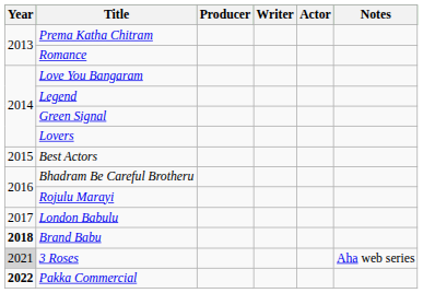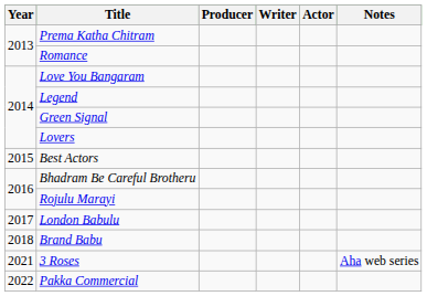 <table class="wikitable sortable">
 <tr style="background:green; text-align:center;">
 <th>Year</th>
 <th>Title</th>
 <th>Producer</th>
 <th>Writer</th>
 <th>Actor</th>
 <th class="unsortable">Notes</th>
 </tr>
 <tr>
 <td rowspan="2">2013</td>
 <td><em><a href='#'>Prema Katha Chitram</a></em></td>
 <td></td>
 <td></td>
 <td></td>
 <td></td>
 </tr>
 <tr>
 <td><em><a href='#'>Romance</a></em></td>
 <td></td>
 <td></td>
 <td></td>
 <td></td>
 </tr>
 <tr>
 <td rowspan="4">2014</td>
 <td><em><a href='#'>Love You Bangaram</a></em></td>
 <td></td>
 <td></td>
 <td></td>
 <td></td>
 </tr>
 <tr>
 <td><em><a href='#'>Legend</a></em></td>
 <td></td>
 <td></td>
 <td></td>
 <td></td>
 </tr>
 <tr>
 <td><em><a href='#'>Green Signal</a></em></td>
 <td></td>
 <td></td>
 <td></td>
 <td></td>
 </tr>
 <tr>
 <td><em><a href='#'>Lovers</a></em></td>
 <td></td>
 <td></td>
 <td></td>
 <td></td>
 </tr>
 <tr>
 <td rowspan="1">2015</td>
 <td><em>Best Actors</em></td>
 <td></td>
 <td></td>
 <td></td>
 <td></td>
 </tr>
 <tr>
 <td rowspan="2">2016</td>
 <td><em>Bhadram Be Careful Brotheru</em></td>
 <td></td>
 <td></td>
 <td></td>
 <td></td>
 </tr>
 <tr>
 <td><a href='#'><em>Rojulu Marayi</em></a></td>
 <td></td>
 <td></td>
 <td></td>
 <td></td>
 </tr>
 <tr>
 <td rowspan="1">2017</td>
 <td><em><a href='#'>London Babulu</a></em></td>
 <td></td>
 <td></td>
 <td></td>
 <td></td>
 </tr>
 <tr>
-<td rowspan="1"><strong>2018</strong></td>
+<td rowspan="1">2018</td>
 <td><em><a href='#'>Brand Babu</a></em></td>
 <td></td>
 <td></td>
 <td></td>
 <td></td>
 </tr>
 <tr>
-<td rowspan="1" style="background: lightgrey;">2021</td>
+<td rowspan="1">2021</td>
 <td><a href='#'><em>3 Roses</em></a></td>
 <td></td>
 <td></td>
 <td></td>
 <td><a href='#'>Aha</a> web series</td>
 </tr>
 <tr>
-<td><strong>2022</strong></td>
+<td>2022</td>
 <td><em><a href='#'>Pakka Commercial</a></em></td>
 <td></td>
 <td></td>
 <td></td>
 <td></td>
 </tr>
 </table>
